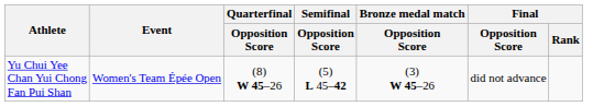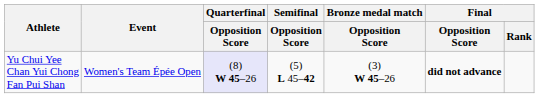 <table class=wikitable>
 <tr>
 <th rowspan="2">Athlete</th>
 <th rowspan="2">Event</th>
 <th>Quarterfinal</th>
 <th>Semifinal</th>
 <th>Bronze medal match</th>
 <th colspan="2">Final</th>
 </tr>
 <tr>
 <th>Opposition<br>Score</th>
 <th>Opposition<br>Score</th>
 <th>Opposition<br>Score</th>
 <th>Opposition<br>Score</th>
 <th>Rank</th>
 </tr>
 <tr>
 <td><a href='#'>Yu Chui Yee</a><br><a href='#'>Chan Yui Chong</a><br><a href='#'>Fan Pui Shan</a></td>
 <td><a href='#'>Women's Team Épée Open</a></td>
-<td align="center"> (8)<br><strong>W</strong> <strong>45</strong>–26</td>
+<td align="center" style="background: lavender;"> (8)<br><strong>W</strong> <strong>45</strong>–26</td>
 <td align="center"> (5)<br><strong>L</strong> 45–<strong>42</strong></td>
 <td align="center"> (3)<br><strong>W</strong> <strong>45</strong>–26</td>
-<td align="center">did not advance</td>
+<td align="center"><strong>did not advance</strong></td>
 <td align="center"></td>
 </tr>
 </table>
